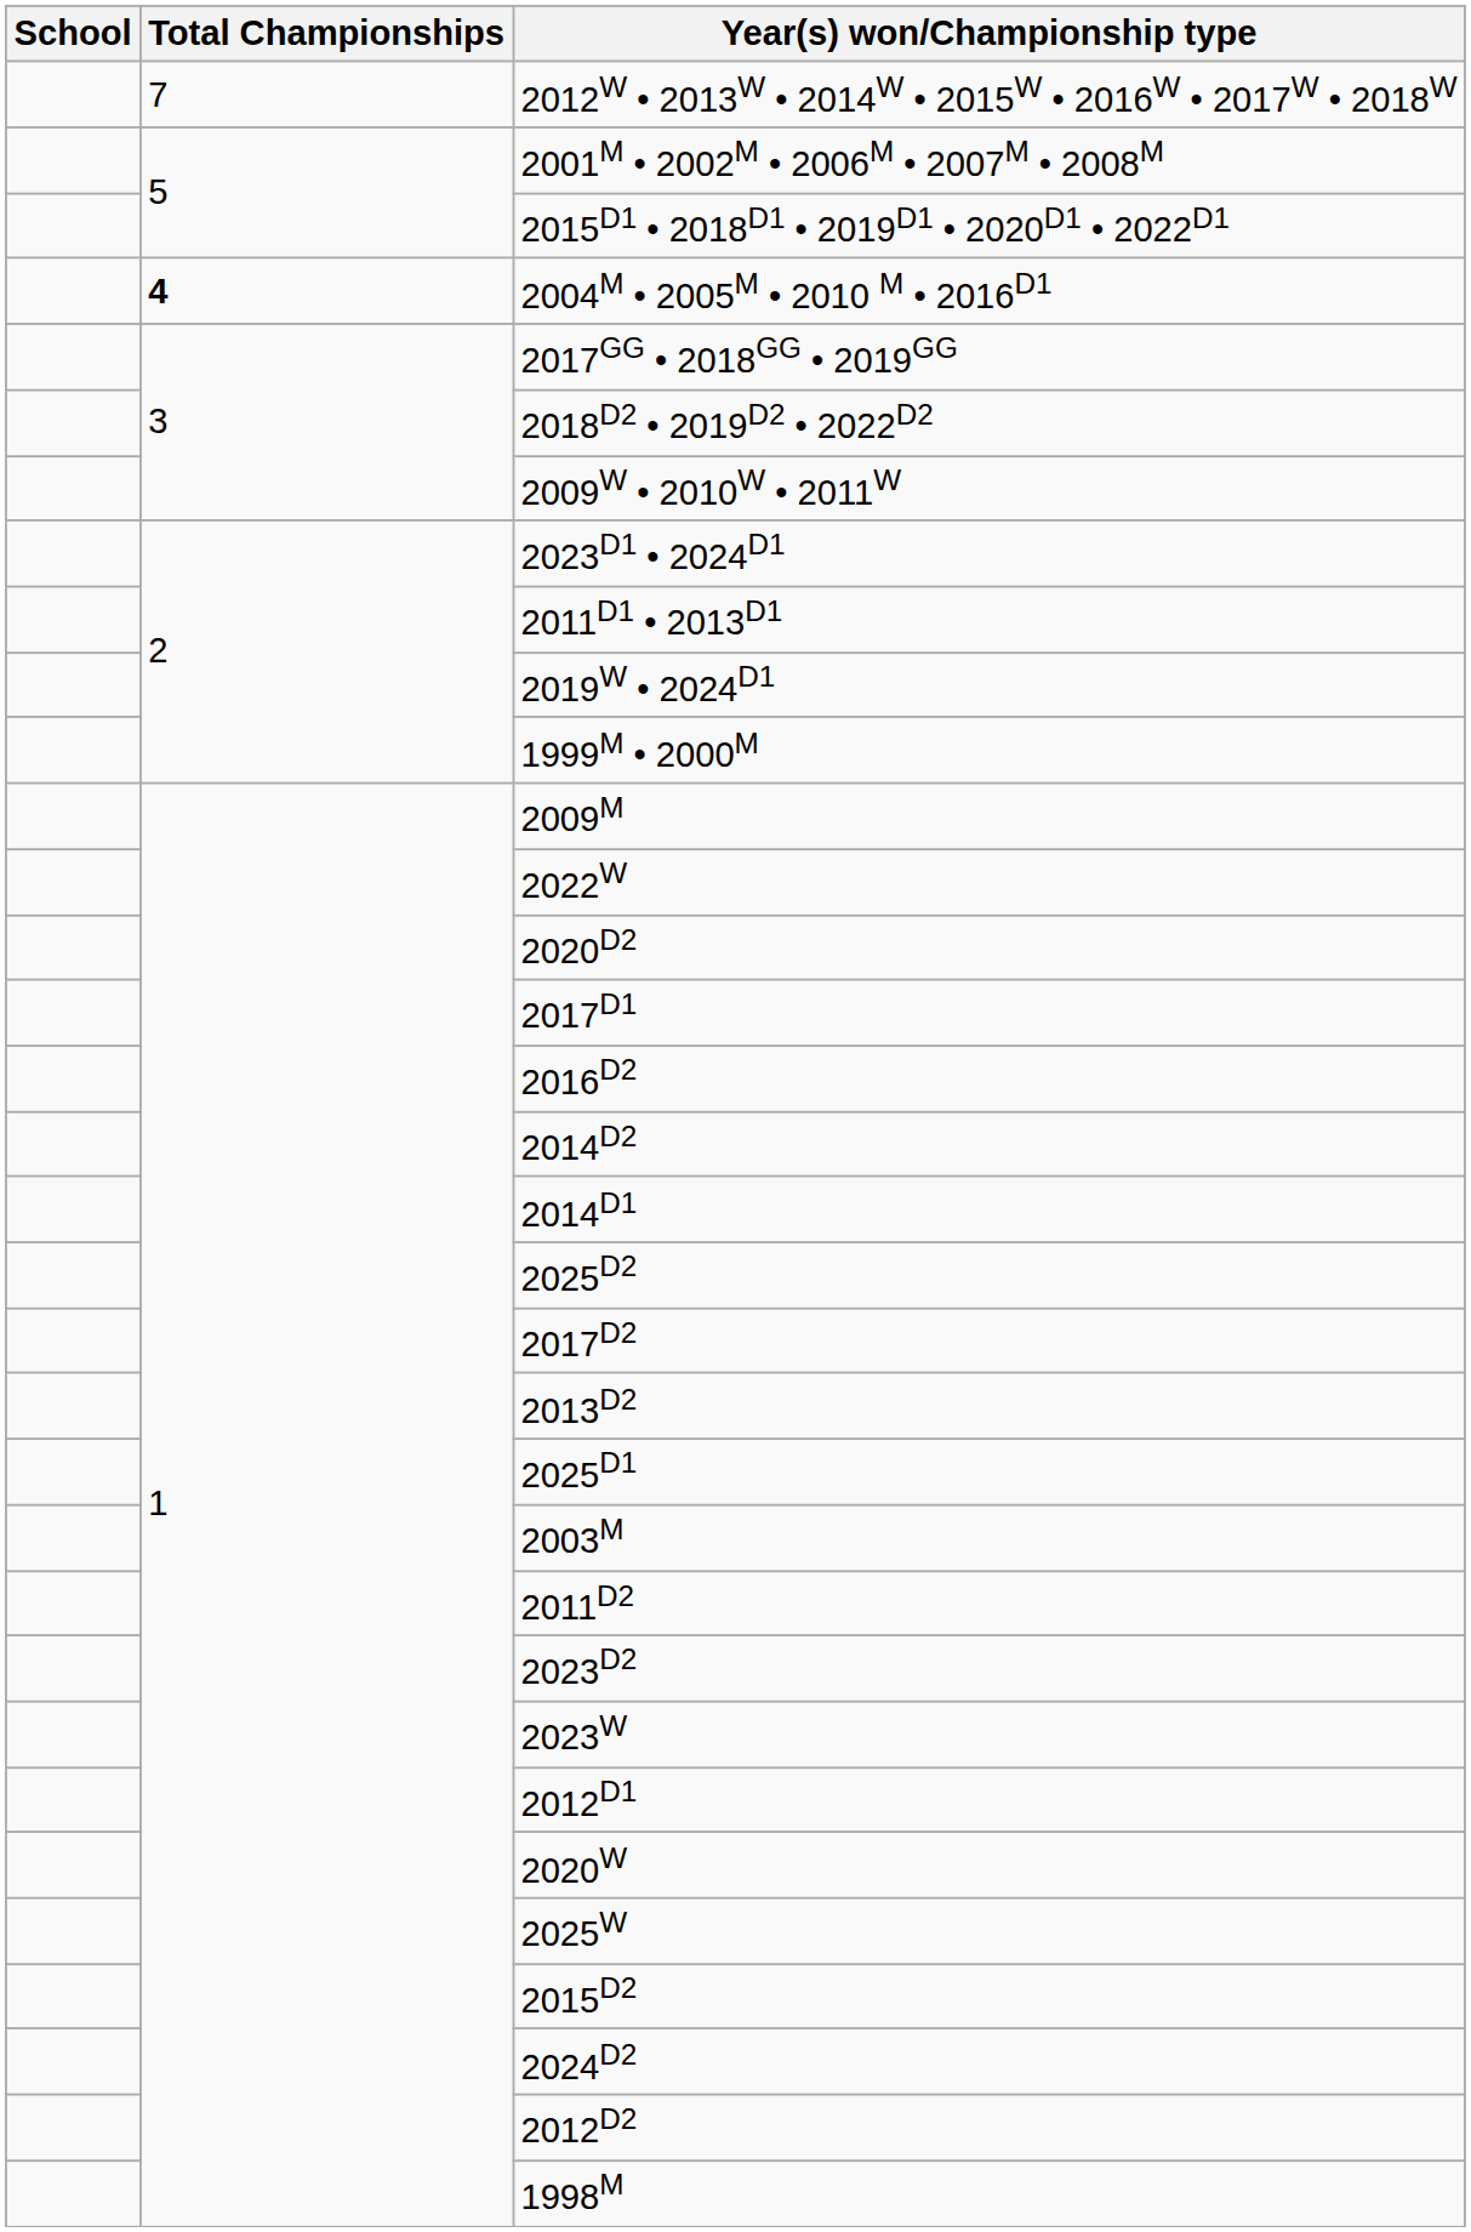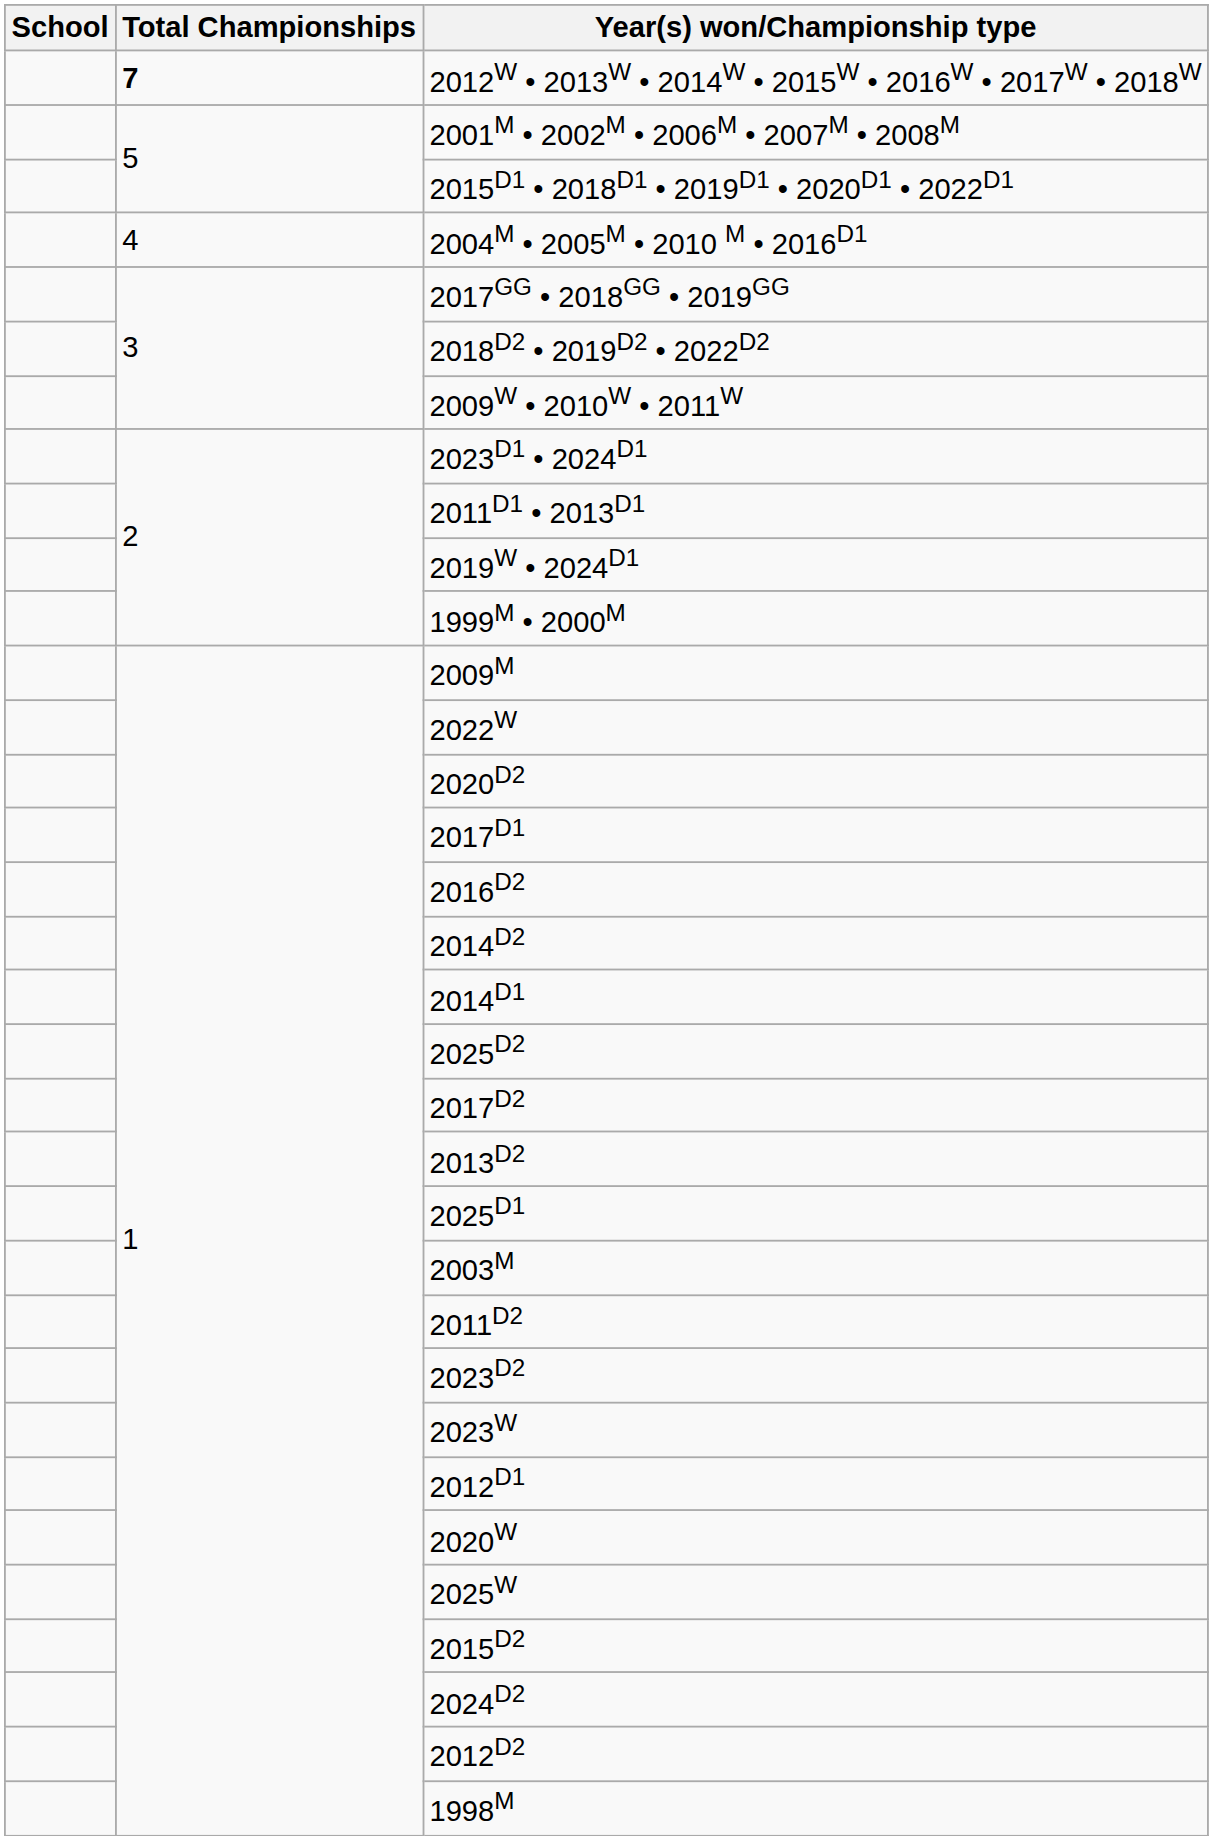 <table class="wikitable">
 <tr>
 <th>School</th>
 <th>Total Championships</th>
 <th>Year(s) won/Championship type</th>
 </tr>
 <tr>
 <td align=left></td>
-<td>7</td>
+<td><strong>7</strong></td>
 <td>2012<sup>W</sup> • 2013<sup>W</sup> • 2014<sup>W</sup> • 2015<sup>W</sup> • 2016<sup>W</sup> • 2017<sup>W</sup> • 2018<sup>W</sup></td>
 </tr>
 <tr>
 <td align=left></td>
 <td rowspan=2>5</td>
 <td>2001<sup>M</sup> • 2002<sup>M</sup> • 2006<sup>M</sup> • 2007<sup>M</sup> • 2008<sup>M</sup></td>
 </tr>
 <tr>
 <td align=left></td>
 <td>2015<sup>D1</sup> • 2018<sup>D1</sup> • 2019<sup>D1</sup> • 2020<sup>D1</sup> • 2022<sup>D1</sup></td>
 </tr>
 <tr>
 <td align=left></td>
-<td><strong>4</strong></td>
+<td>4</td>
 <td>2004<sup>M</sup> • 2005<sup>M</sup> • 2010 <sup>M</sup> • 2016<sup>D1</sup></td>
 </tr>
 <tr>
 <td align=left></td>
 <td rowspan=3>3</td>
 <td>2017<sup>GG</sup> • 2018<sup>GG</sup> • 2019<sup>GG</sup></td>
 </tr>
 <tr>
 <td align=left></td>
 <td>2018<sup>D2</sup> • 2019<sup>D2</sup> • 2022<sup>D2</sup></td>
 </tr>
 <tr>
 <td align=left></td>
 <td>2009<sup>W</sup> • 2010<sup>W</sup> • 2011<sup>W</sup></td>
 </tr>
 <tr>
 <td align=left></td>
 <td rowspan=4>2</td>
 <td>2023<sup>D1</sup> • 2024<sup>D1</sup></td>
 </tr>
 <tr>
 <td align=left></td>
 <td>2011<sup>D1</sup> • 2013<sup>D1</sup></td>
 </tr>
 <tr>
 <td align=left></td>
 <td>2019<sup>W</sup> • 2024<sup>D1</sup></td>
 </tr>
 <tr>
 <td align=left></td>
 <td>1999<sup>M</sup> • 2000<sup>M</sup></td>
 </tr>
 <tr>
 <td align=left></td>
 <td rowspan=22>1</td>
 <td>2009<sup>M</sup></td>
 </tr>
 <tr>
 <td align=left></td>
 <td>2022<sup>W</sup></td>
 </tr>
 <tr>
 <td align=left></td>
 <td>2020<sup>D2</sup></td>
 </tr>
 <tr>
 <td align=left></td>
 <td>2017<sup>D1</sup></td>
 </tr>
 <tr>
 <td align=left></td>
 <td>2016<sup>D2</sup></td>
 </tr>
 <tr>
 <td align=left></td>
 <td>2014<sup>D2</sup></td>
 </tr>
 <tr>
 <td align=left></td>
 <td>2014<sup>D1</sup></td>
 </tr>
 <tr>
 <td align=left></td>
 <td>2025<sup>D2</sup></td>
 </tr>
 <tr>
 <td align=left></td>
 <td>2017<sup>D2</sup></td>
 </tr>
 <tr>
 <td align=left></td>
 <td>2013<sup>D2</sup></td>
 </tr>
 <tr>
 <td align=left></td>
 <td>2025<sup>D1</sup></td>
 </tr>
 <tr>
 <td align=left></td>
 <td>2003<sup>M</sup></td>
 </tr>
 <tr>
 <td align=left></td>
 <td>2011<sup>D2</sup></td>
 </tr>
 <tr>
 <td align=left></td>
 <td>2023<sup>D2</sup></td>
 </tr>
 <tr>
 <td align=left></td>
 <td>2023<sup>W</sup></td>
 </tr>
 <tr>
 <td align=left></td>
 <td>2012<sup>D1</sup></td>
 </tr>
 <tr>
 <td align=left></td>
 <td>2020<sup>W</sup></td>
 </tr>
 <tr>
 <td align=left></td>
 <td>2025<sup>W</sup></td>
 </tr>
 <tr>
 <td align=left></td>
 <td>2015<sup>D2</sup></td>
 </tr>
 <tr>
 <td align=left></td>
 <td>2024<sup>D2</sup></td>
 </tr>
 <tr>
 <td align=left></td>
 <td>2012<sup>D2</sup></td>
 </tr>
 <tr>
 <td align=left></td>
 <td>1998<sup>M</sup></td>
 </tr>
 </table>
